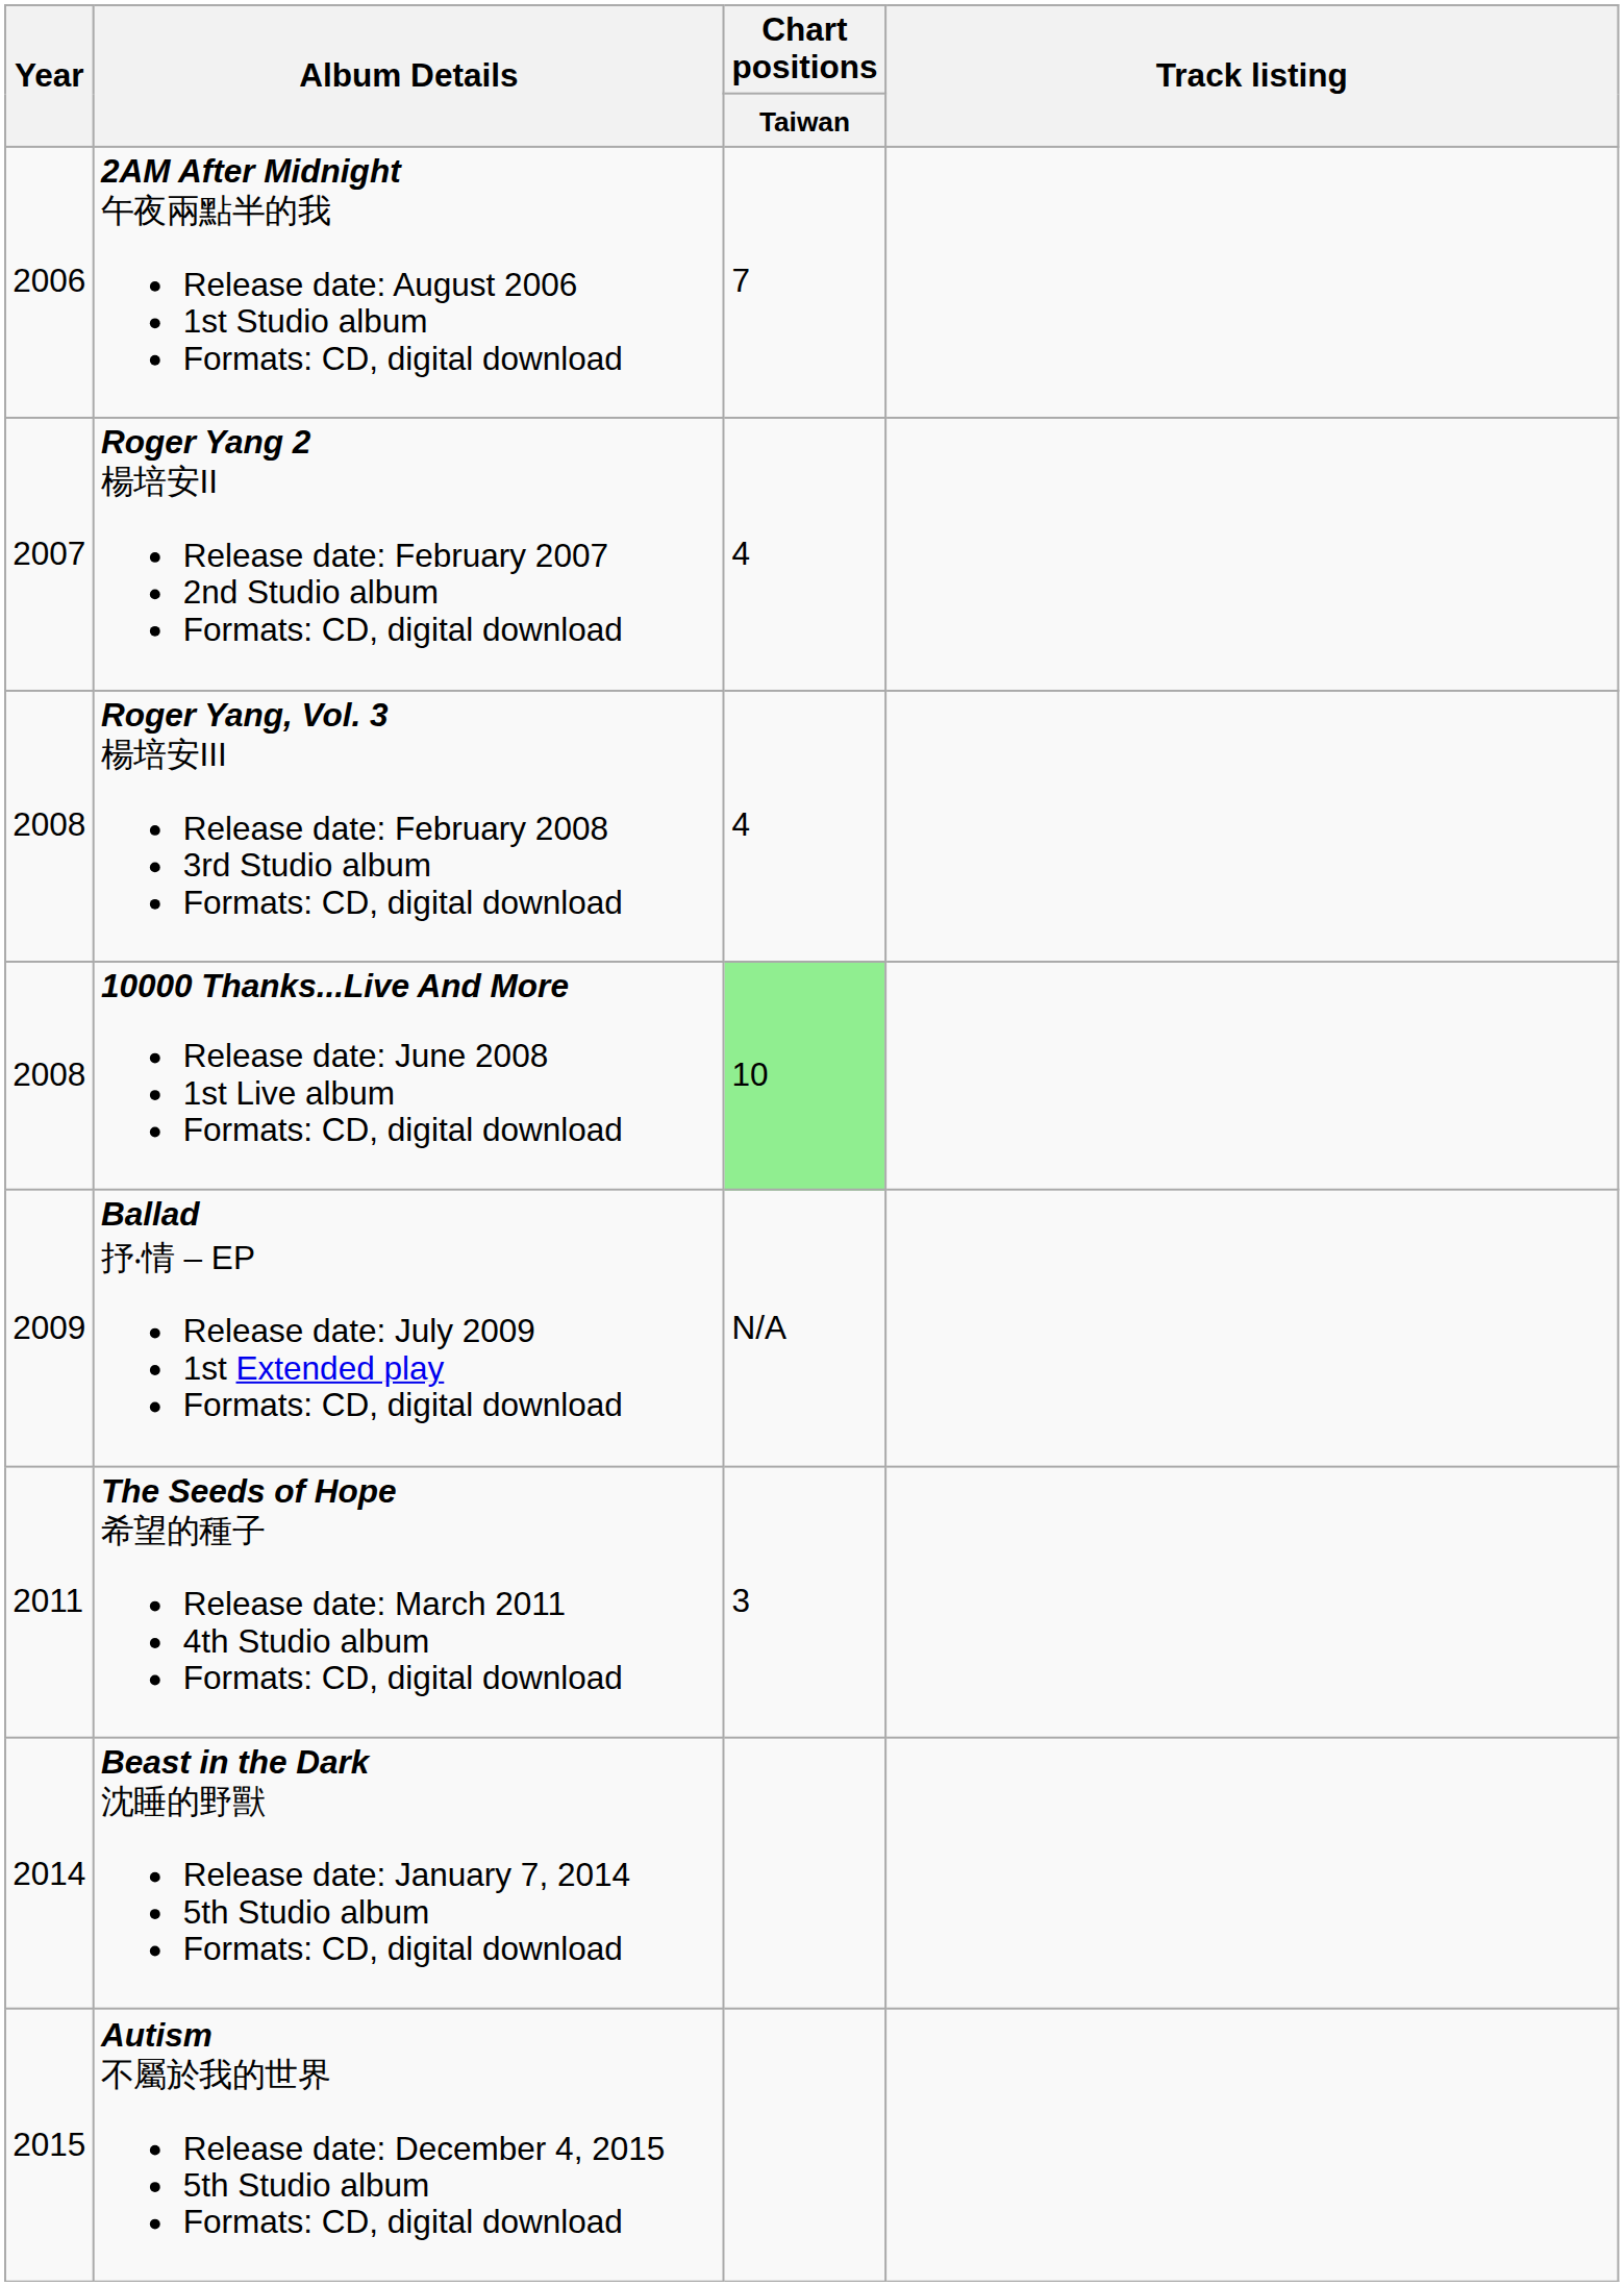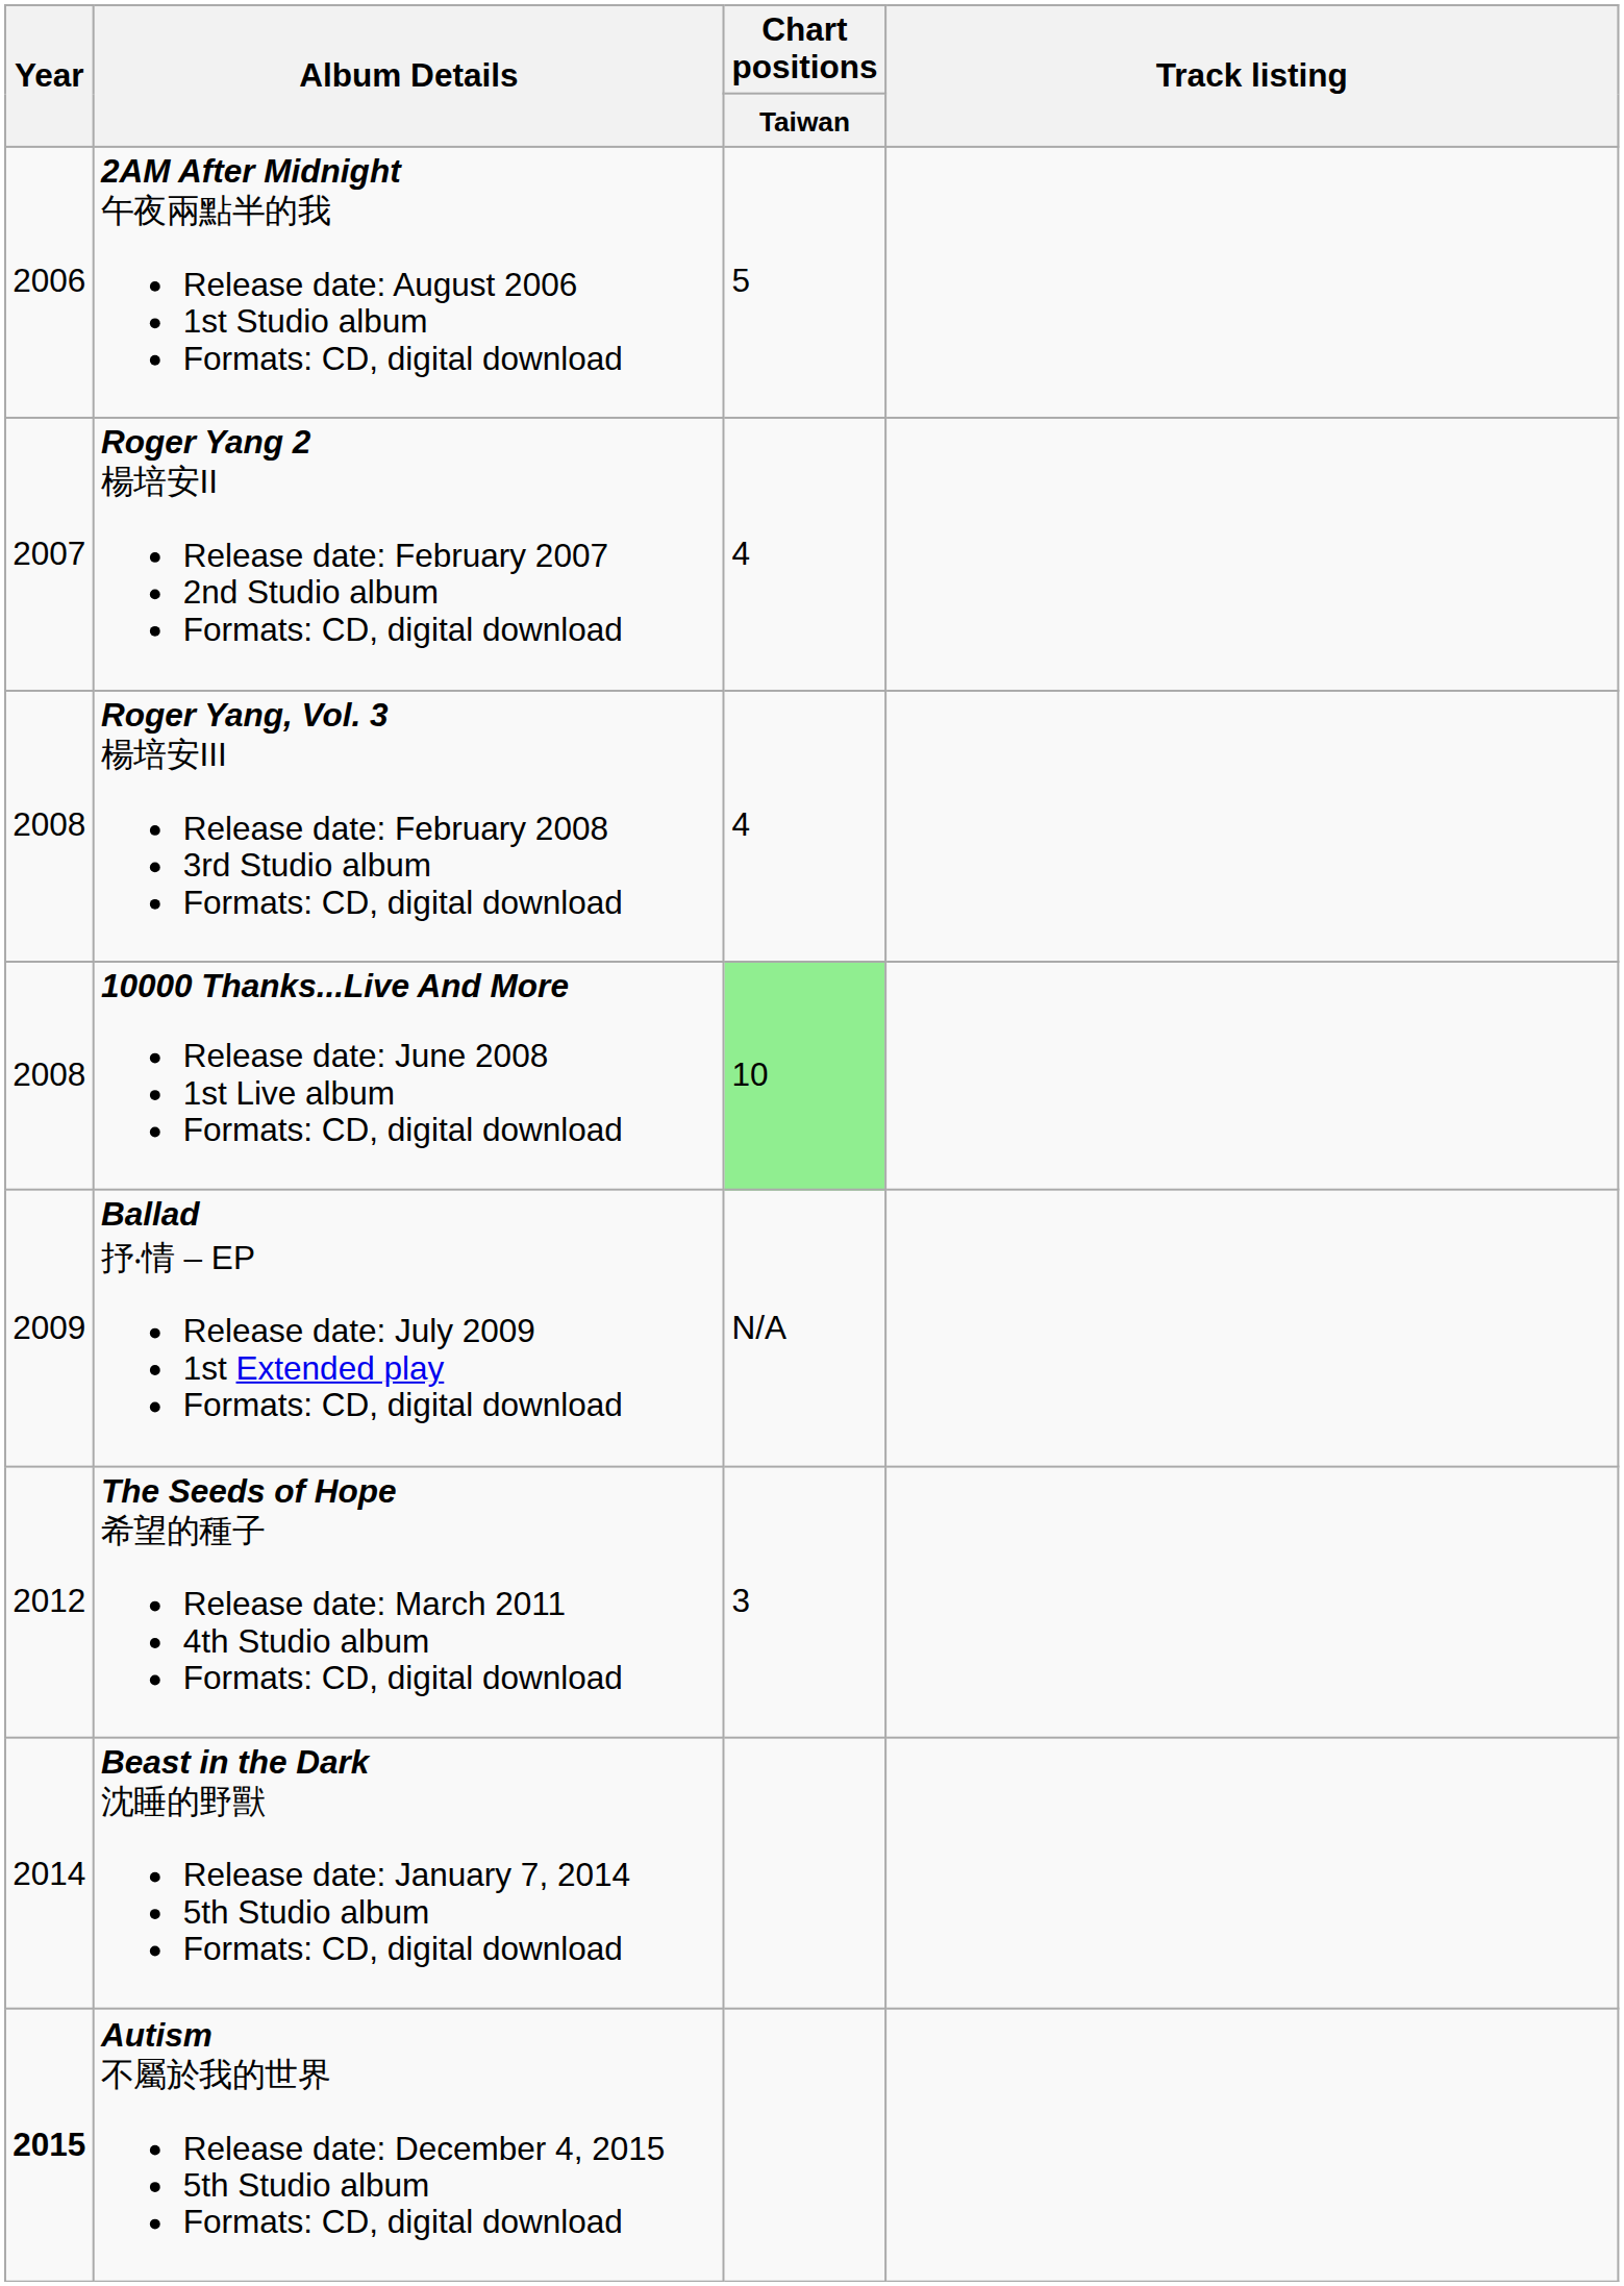 <table class="wikitable">
 <tr style="background:#ccc; text-align:center;">
 <th style="width:25px;" rowspan="2">Year</th>
 <th style="width:300px;" rowspan="2">Album Details</th>
 <th>Chart positions</th>
 <th style="width:350px;" rowspan="2">Track listing</th>
 </tr>
 <tr>
 <th style="width:30px;"><small>Taiwan</small></th>
 </tr>
 <tr>
 <td>2006</td>
 <td><strong><em>2AM After Midnight</em></strong><br>午夜兩點半的我<br><ul><li>Release date: August 2006</li><li>1st Studio album</li><li>Formats: CD, digital download</li></ul></td>
-<td>7</td>
+<td>5</td>
 <td align="center"></td>
 </tr>
 <tr>
 <td>2007</td>
 <td><strong><em>Roger Yang 2</em></strong> <br>楊培安II<br><ul><li>Release date: February 2007</li><li>2nd Studio album</li><li>Formats: CD, digital download</li></ul></td>
 <td>4</td>
 <td align="center"></td>
 </tr>
 <tr>
 <td>2008</td>
 <td><strong><em>Roger Yang, Vol. 3</em></strong><br>楊培安III<br><ul><li>Release date: February 2008</li><li>3rd Studio album</li><li>Formats: CD, digital download</li></ul></td>
 <td>4</td>
 <td align="center"></td>
 </tr>
 <tr>
 <td>2008</td>
 <td><strong><em>10000 Thanks...Live And More</em></strong><br><ul><li>Release date: June 2008</li><li>1st Live album</li><li>Formats: CD, digital download</li></ul></td>
 <td style="background: lightgreen;">10</td>
 <td align="center"></td>
 </tr>
 <tr>
 <td>2009</td>
 <td><strong><em>Ballad</em></strong><br>抒‧情 – EP<br><ul><li>Release date: July 2009</li><li>1st <a href='#'>Extended play</a></li><li>Formats: CD, digital download</li></ul></td>
 <td>N/A</td>
 <td align="center"></td>
 </tr>
 <tr>
-<td>2011</td>
+<td>2012</td>
 <td><strong><em>The Seeds of Hope</em></strong><br>希望的種子<br><ul><li>Release date: March 2011</li><li>4th Studio album</li><li>Formats: CD, digital download</li></ul></td>
 <td>3</td>
 <td align="center"></td>
 </tr>
 <tr>
 <td>2014</td>
 <td><strong><em>Beast in the Dark</em></strong><br>沈睡的野獸<br><ul><li>Release date: January 7, 2014</li><li>5th Studio album</li><li>Formats: CD, digital download</li></ul></td>
 <td></td>
 <td align="center"></td>
 </tr>
 <tr>
-<td>2015</td>
+<td><strong>2015</strong></td>
 <td><strong><em>Autism</em></strong><br>不屬於我的世界<br><ul><li>Release date: December 4, 2015</li><li>5th Studio album</li><li>Formats: CD, digital download</li></ul></td>
 <td></td>
 <td align="center"></td>
 </tr>
 </table>
